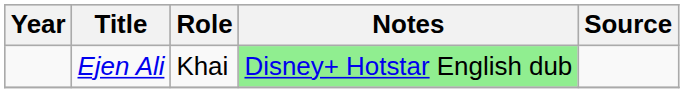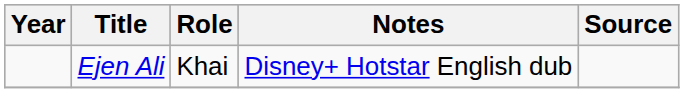 <table class="wikitable sortable">
 <tr>
 <th>Year</th>
 <th>Title</th>
 <th>Role</th>
 <th>Notes</th>
 <th>Source</th>
 </tr>
 <tr>
 <td></td>
 <td><em><a href='#'>Ejen Ali</a></em></td>
 <td>Khai</td>
-<td style="background: lightgreen;"><a href='#'>Disney+ Hotstar</a> English dub</td>
+<td><a href='#'>Disney+ Hotstar</a> English dub</td>
 <td></td>
 </tr>
 <tr>
 </tr>
 </table>
